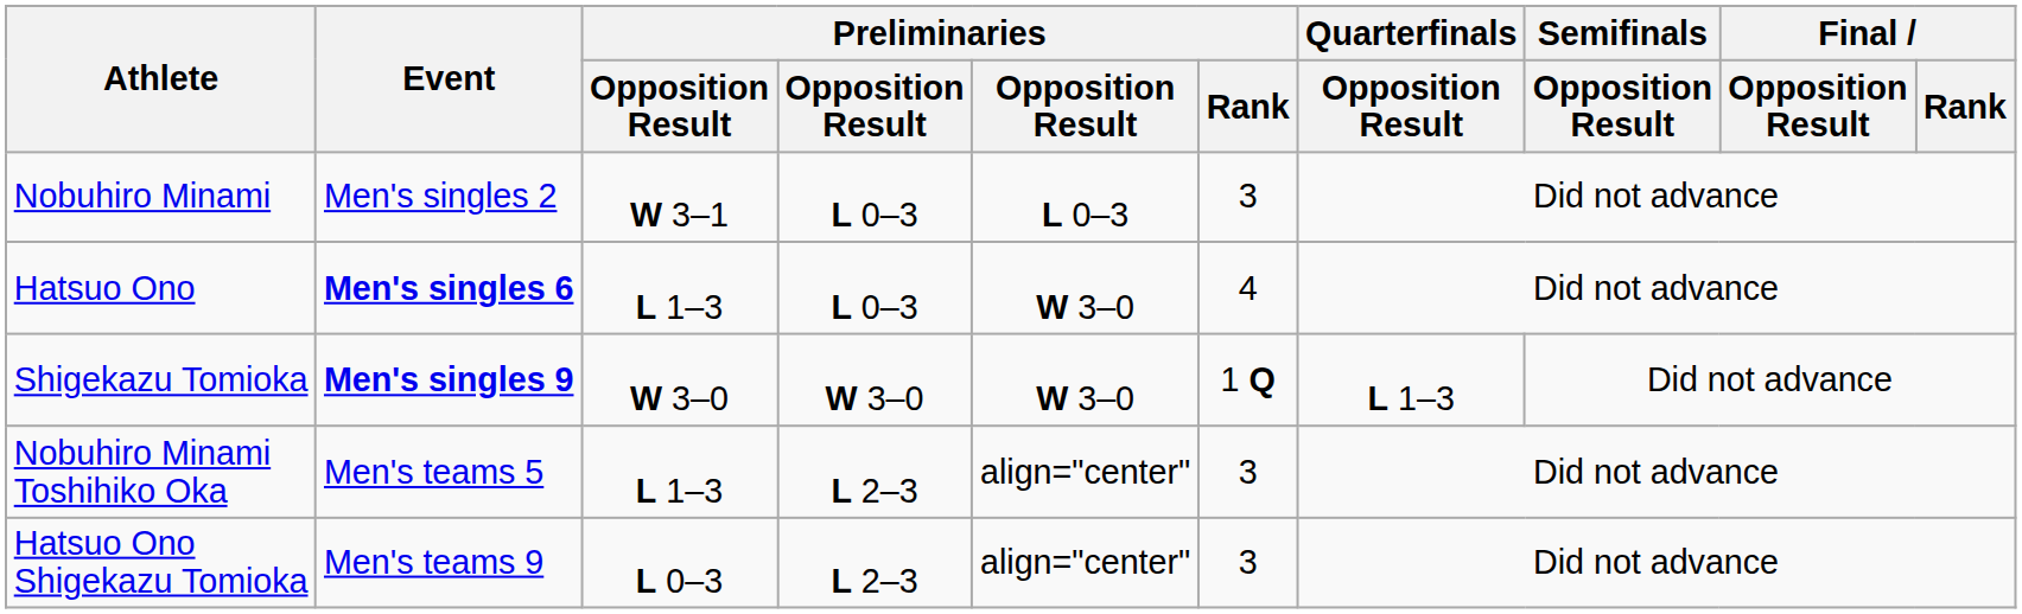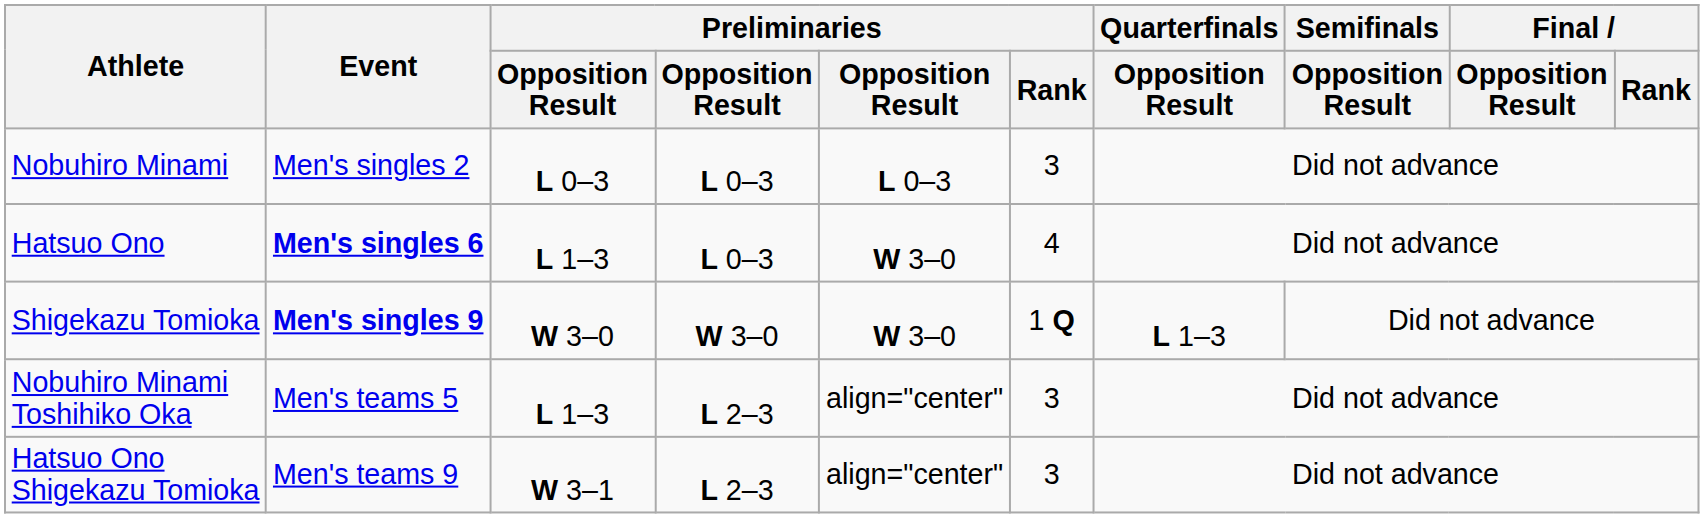 <table class=wikitable style="font-size:90%">
 <tr>
 <th rowspan="2">Athlete</th>
 <th rowspan="2">Event</th>
 <th colspan="4">Preliminaries</th>
 <th>Quarterfinals</th>
 <th>Semifinals</th>
 <th colspan="2">Final / </th>
 </tr>
 <tr>
 <th>Opposition<br>Result</th>
 <th>Opposition<br>Result</th>
 <th>Opposition<br>Result</th>
 <th>Rank</th>
 <th>Opposition<br>Result</th>
 <th>Opposition<br>Result</th>
 <th>Opposition<br>Result</th>
 <th>Rank</th>
 </tr>
 <tr>
 <td><a href='#'>Nobuhiro Minami</a></td>
 <td><a href='#'>Men's singles 2</a></td>
-<td align="center"><br><strong>W</strong> 3–1</td>
+<td align="center"><br><strong>L</strong> 0–3</td>
 <td align="center"><br><strong>L</strong> 0–3</td>
 <td align="center"><br><strong>L</strong> 0–3</td>
 <td align="center">3</td>
 <td align="center" colspan="4">Did not advance</td>
 </tr>
 <tr>
 <td><a href='#'>Hatsuo Ono</a></td>
 <td><strong><a href='#'>Men's singles 6</a></strong></td>
 <td align="center"><br><strong>L</strong> 1–3</td>
 <td align="center"><br><strong>L</strong> 0–3</td>
 <td align="center"><br><strong>W</strong> 3–0</td>
 <td align="center">4</td>
 <td align="center" colspan="4">Did not advance</td>
 </tr>
 <tr>
 <td><a href='#'>Shigekazu Tomioka</a></td>
 <td><strong><a href='#'>Men's singles 9</a></strong></td>
 <td align="center"><br><strong>W</strong> 3–0</td>
 <td align="center"><br><strong>W</strong> 3–0</td>
 <td align="center"><br><strong>W</strong> 3–0</td>
 <td align="center">1 <strong>Q</strong></td>
 <td align="center"><br><strong>L</strong> 1–3</td>
 <td align="center" colspan="3">Did not advance</td>
 </tr>
 <tr>
 <td><a href='#'>Nobuhiro Minami</a><br> <a href='#'>Toshihiko Oka</a></td>
 <td><a href='#'>Men's teams 5</a></td>
 <td align="center"><br><strong>L</strong> 1–3</td>
 <td align="center"><br><strong>L</strong> 2–3</td>
 <td>align="center" </td>
 <td align="center">3</td>
 <td align="center" colspan="4">Did not advance</td>
 </tr>
 <tr>
 <td><a href='#'>Hatsuo Ono</a><br> <a href='#'>Shigekazu Tomioka</a></td>
 <td><a href='#'>Men's teams 9</a></td>
-<td align="center"><br><strong>L</strong> 0–3</td>
+<td align="center"><br><strong>W</strong> 3–1</td>
 <td align="center"><br><strong>L</strong> 2–3</td>
 <td>align="center" </td>
 <td align="center">3</td>
 <td align="center" colspan="4">Did not advance</td>
 </tr>
 </table>
